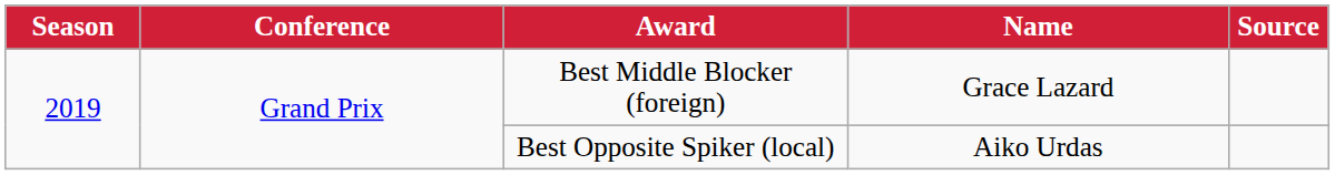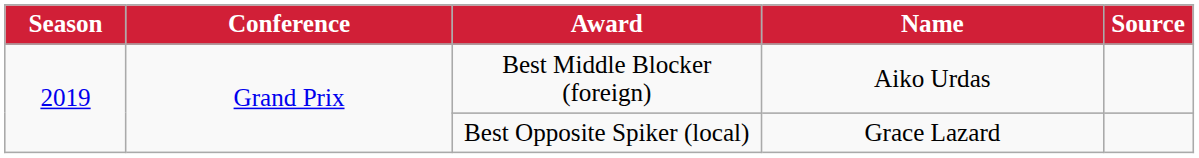 <table class="wikitable">
 <tr>
 <th width=70px style="background:#d11f37; color:white">Season</th>
 <th width=200px style="background:#d11f37; color:white">Conference</th>
 <th width=190px style="background:#d11f37; color:white">Award</th>
 <th width=210px style="background:#d11f37; color:white">Name</th>
 <th width=50px style="background:#d11f37; color:white">Source</th>
 </tr>
 <tr align=center>
 <td rowspan="2"><a href='#'>2019</a></td>
 <td rowspan="2"><a href='#'>Grand Prix</a></td>
 <td>Best Middle Blocker (foreign)</td>
-<td> Grace Lazard</td>
+<td> Aiko Urdas</td>
 <td></td>
 </tr>
 <tr align=center>
 <td>Best Opposite Spiker (local)</td>
-<td> Aiko Urdas</td>
+<td> Grace Lazard</td>
 <td></td>
 </tr>
 </table>
